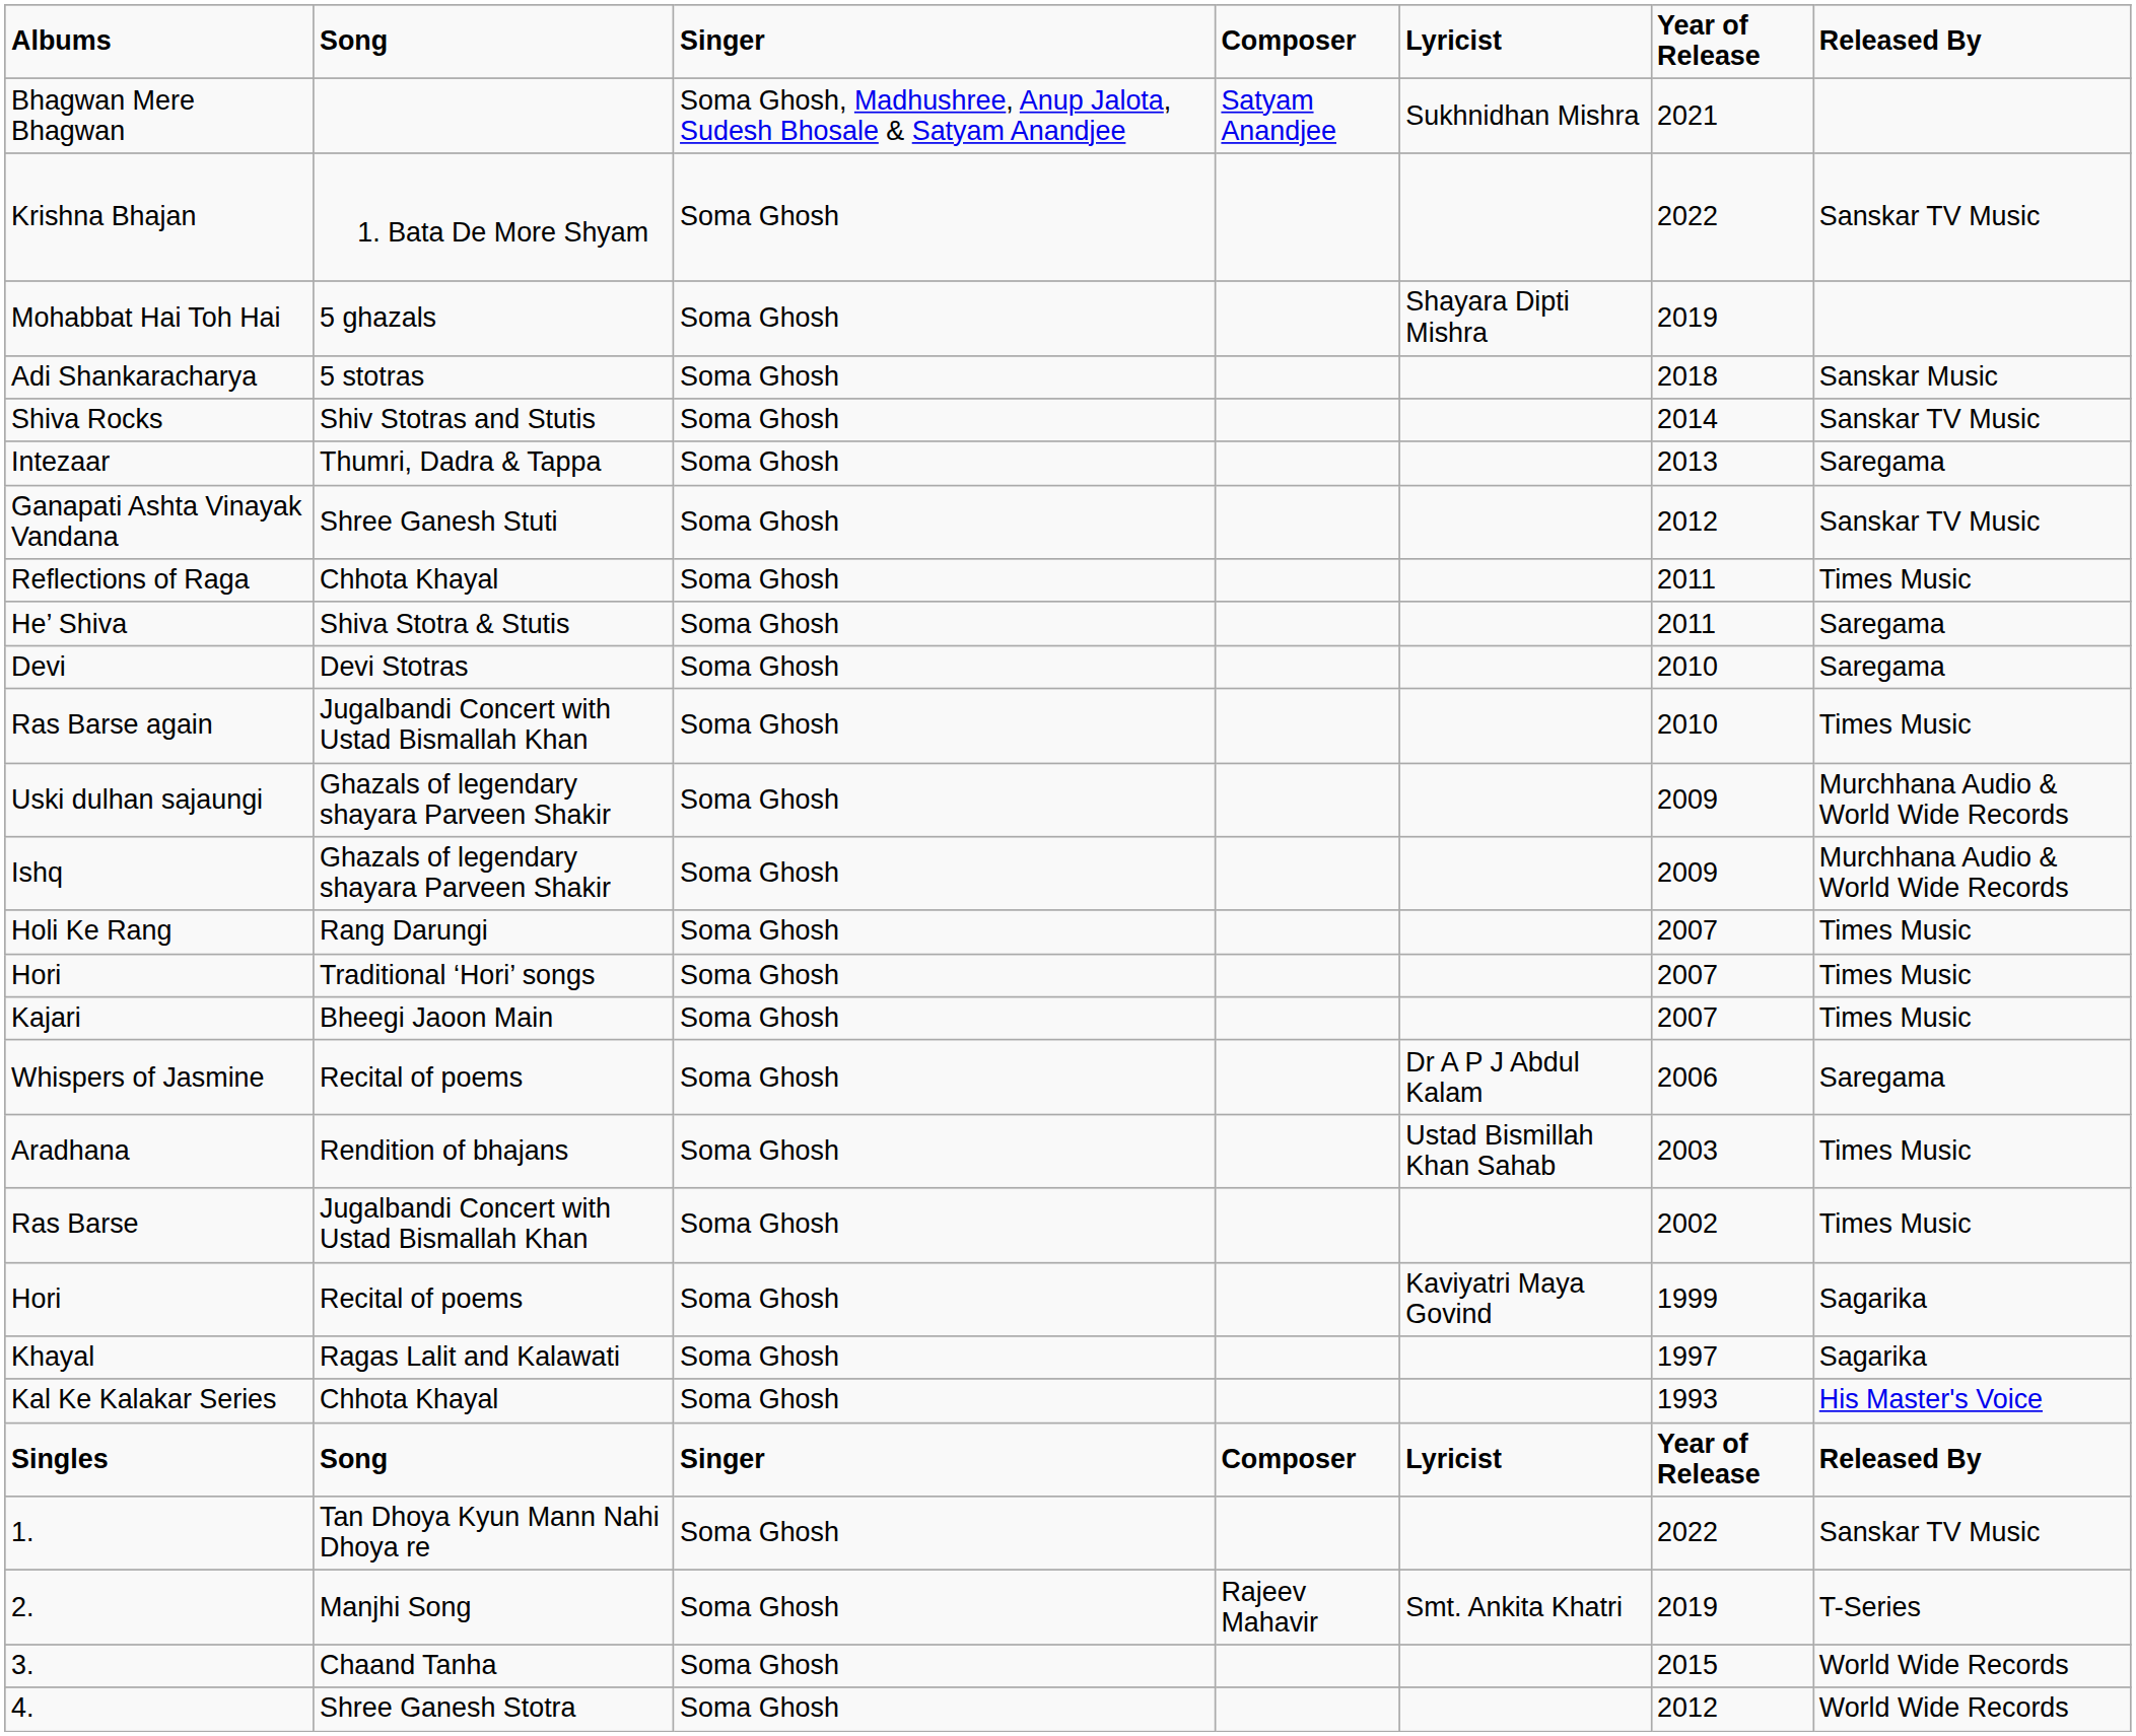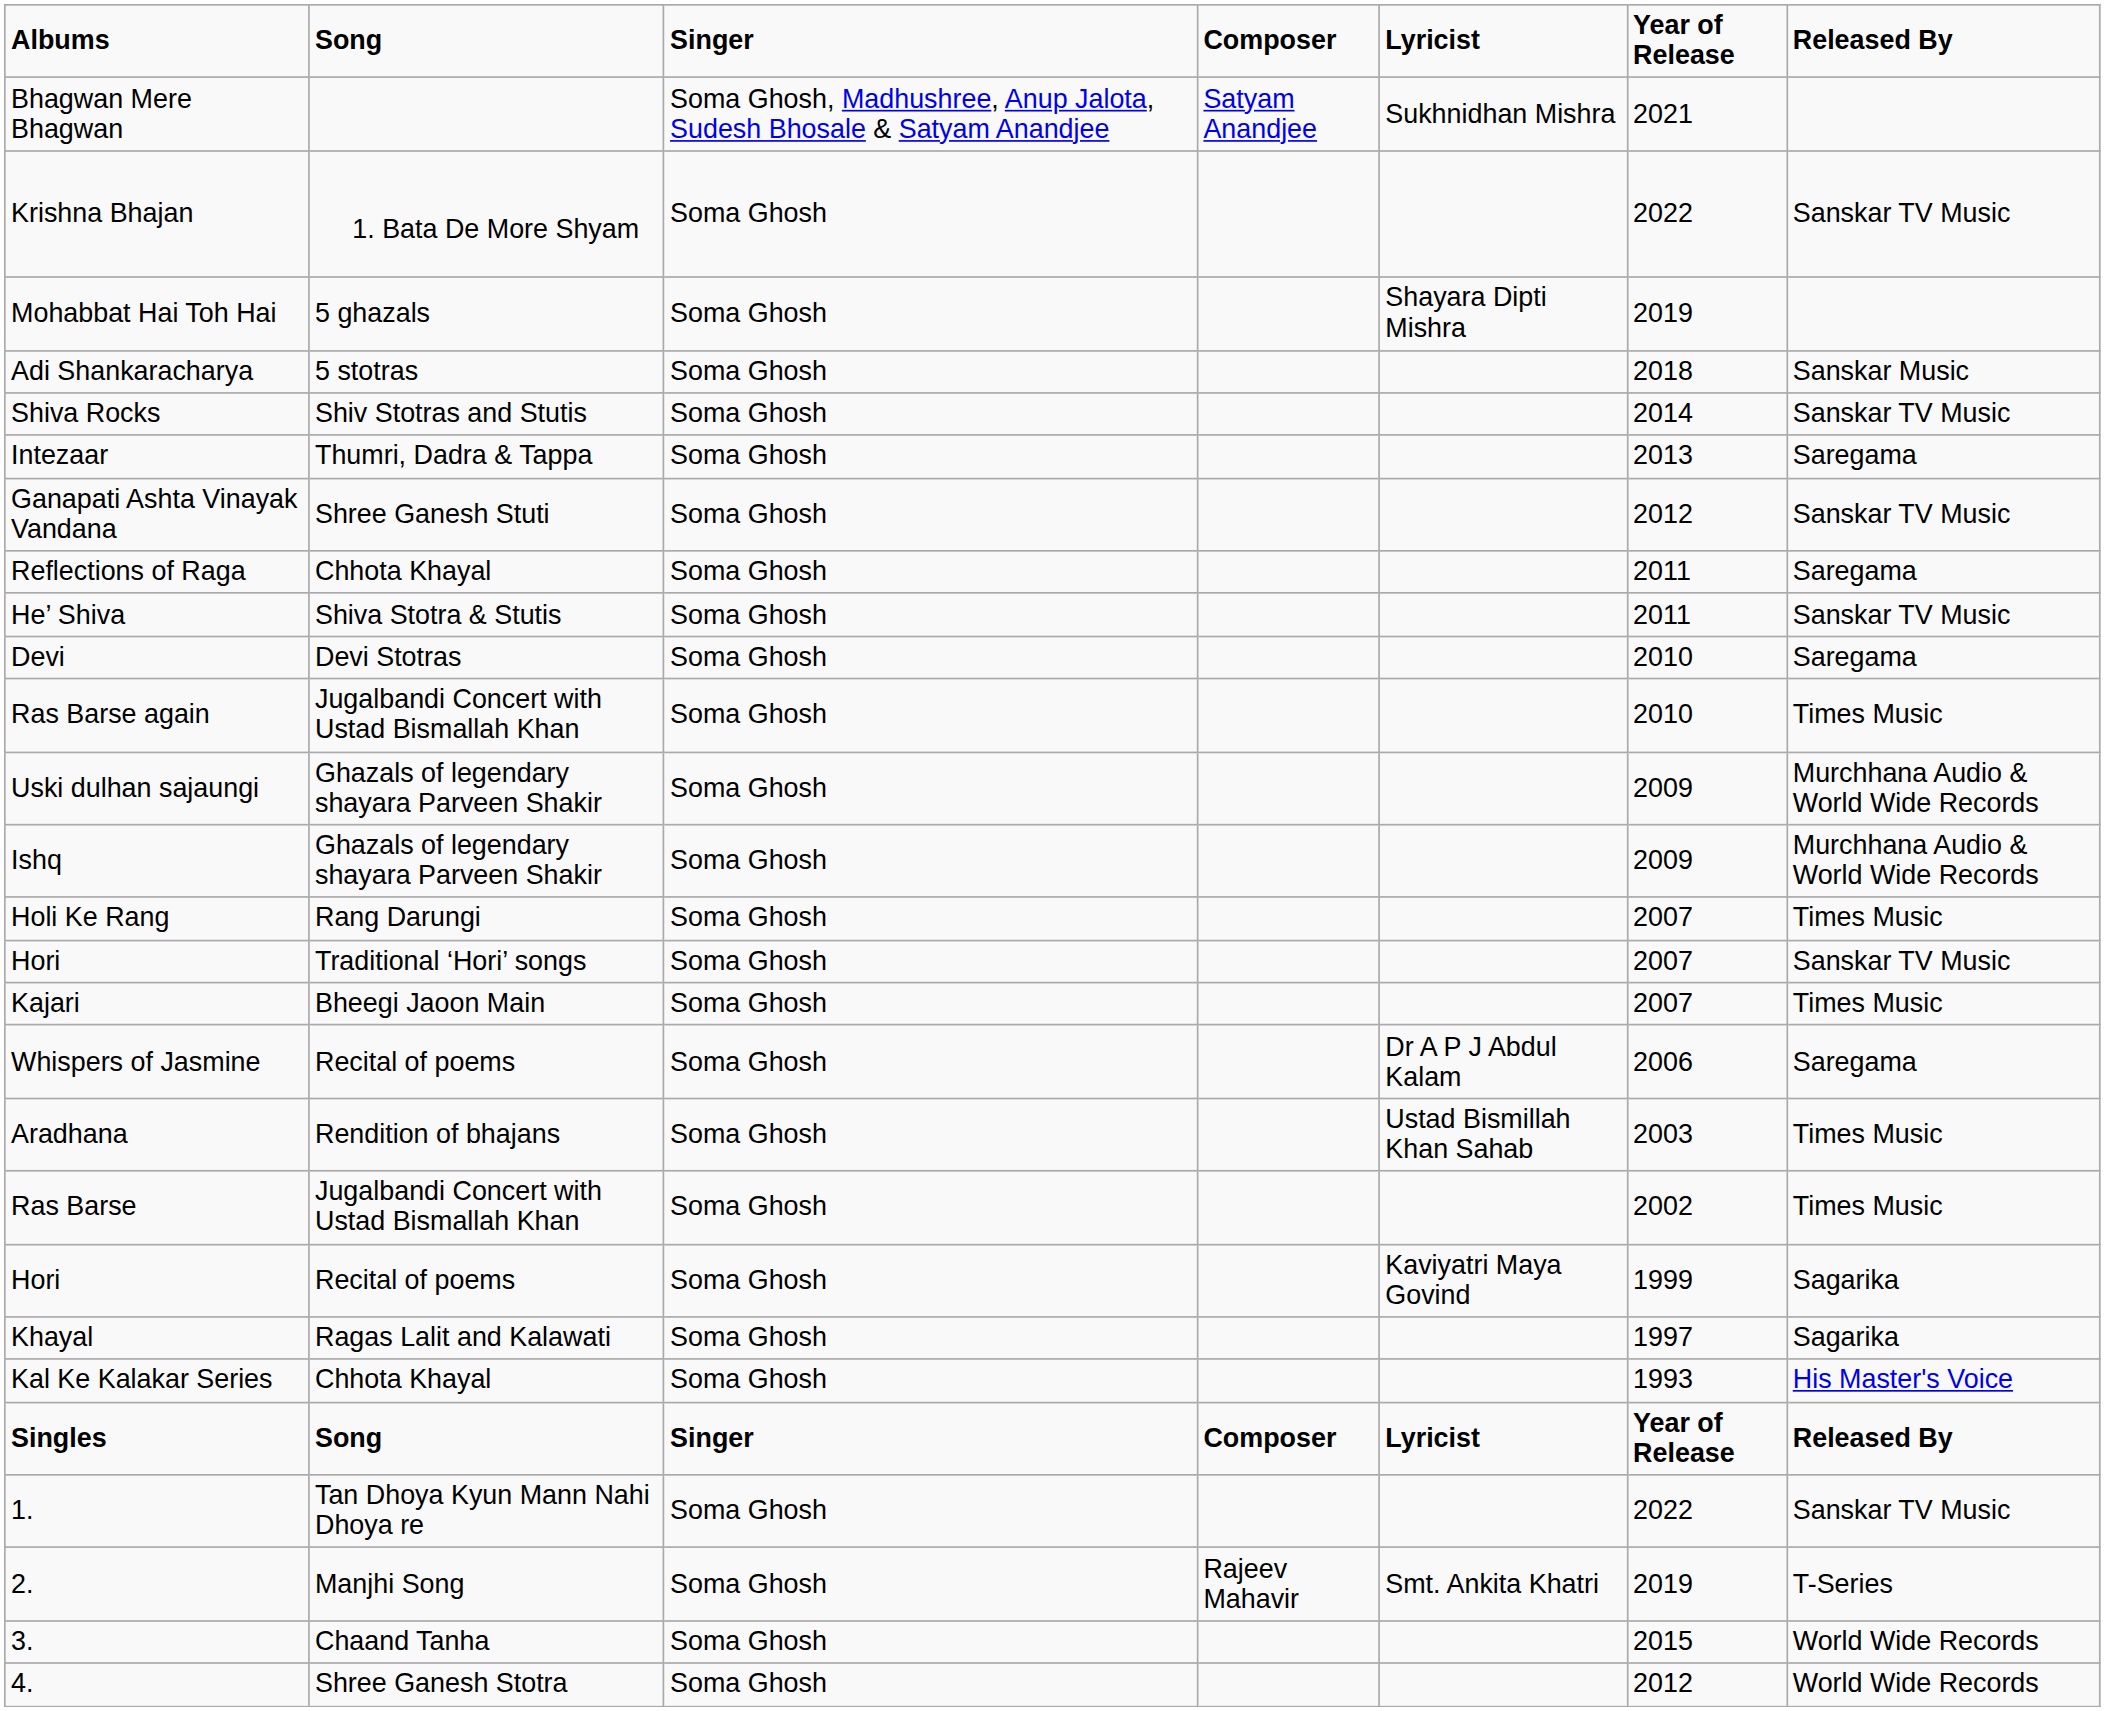 <table class="wikitable sortable">
 <tr>
 <td><strong>Albums</strong></td>
 <td><strong>Song</strong></td>
 <td><strong>Singer</strong></td>
 <td><strong>Composer</strong></td>
 <td><strong>Lyricist</strong></td>
 <td><strong>Year of Release</strong></td>
 <td><strong>Released By</strong></td>
 </tr>
 <tr>
 <td>Bhagwan Mere Bhagwan</td>
 <td></td>
 <td>Soma Ghosh, <a href='#'>Madhushree</a>, <a href='#'>Anup Jalota</a>, <a href='#'>Sudesh Bhosale</a> & <a href='#'>Satyam Anandjee</a></td>
 <td><a href='#'>Satyam Anandjee</a></td>
 <td>Sukhnidhan Mishra</td>
 <td>2021</td>
 <td></td>
 </tr>
 <tr>
 <td>Krishna Bhajan</td>
 <td><br><ol><li>Bata De More Shyam</li></ol></td>
 <td>Soma Ghosh</td>
 <td></td>
 <td></td>
 <td>2022</td>
 <td>Sanskar TV Music</td>
 </tr>
 <tr>
 <td>Mohabbat Hai Toh Hai</td>
 <td>5 ghazals</td>
 <td>Soma Ghosh</td>
 <td></td>
 <td>Shayara Dipti Mishra</td>
 <td>2019</td>
 <td></td>
 </tr>
 <tr>
 <td>Adi Shankaracharya</td>
 <td>5 stotras</td>
 <td>Soma Ghosh</td>
 <td></td>
 <td></td>
 <td>2018</td>
 <td>Sanskar Music</td>
 </tr>
 <tr>
 <td>Shiva Rocks</td>
 <td>Shiv Stotras and Stutis</td>
 <td>Soma Ghosh</td>
 <td></td>
 <td></td>
 <td>2014</td>
 <td>Sanskar TV Music</td>
 </tr>
 <tr>
 <td>Intezaar</td>
 <td>Thumri, Dadra & Tappa</td>
 <td>Soma Ghosh</td>
 <td></td>
 <td></td>
 <td>2013</td>
 <td>Saregama</td>
 </tr>
 <tr>
 <td>Ganapati Ashta Vinayak Vandana</td>
 <td>Shree Ganesh Stuti</td>
 <td>Soma Ghosh</td>
 <td></td>
 <td></td>
 <td>2012</td>
 <td>Sanskar TV Music</td>
 </tr>
 <tr>
 <td>Reflections of Raga</td>
 <td>Chhota Khayal</td>
 <td>Soma Ghosh</td>
 <td></td>
 <td></td>
 <td>2011</td>
-<td>Times Music</td>
+<td>Saregama</td>
 </tr>
 <tr>
 <td>He’ Shiva</td>
 <td>Shiva Stotra & Stutis</td>
 <td>Soma Ghosh</td>
 <td></td>
 <td></td>
 <td>2011</td>
-<td>Saregama</td>
+<td>Sanskar TV Music</td>
 </tr>
 <tr>
 <td>Devi</td>
 <td>Devi Stotras</td>
 <td>Soma Ghosh</td>
 <td></td>
 <td></td>
 <td>2010</td>
 <td>Saregama</td>
 </tr>
 <tr>
 <td>Ras Barse again</td>
 <td>Jugalbandi Concert with Ustad Bismallah Khan</td>
 <td>Soma Ghosh</td>
 <td></td>
 <td></td>
 <td>2010</td>
 <td>Times Music</td>
 </tr>
 <tr>
 <td>Uski dulhan sajaungi</td>
 <td>Ghazals of legendary shayara Parveen Shakir</td>
 <td>Soma Ghosh</td>
 <td></td>
 <td></td>
 <td>2009</td>
 <td>Murchhana Audio & World Wide Records</td>
 </tr>
 <tr>
 <td>Ishq</td>
 <td>Ghazals of legendary shayara Parveen Shakir</td>
 <td>Soma Ghosh</td>
 <td></td>
 <td></td>
 <td>2009</td>
 <td>Murchhana Audio & World Wide Records</td>
 </tr>
 <tr>
 <td>Holi Ke Rang</td>
 <td>Rang Darungi</td>
 <td>Soma Ghosh</td>
 <td></td>
 <td></td>
 <td>2007</td>
 <td>Times Music</td>
 </tr>
 <tr>
 <td>Hori</td>
 <td>Traditional ‘Hori’ songs</td>
 <td>Soma Ghosh</td>
 <td></td>
 <td></td>
 <td>2007</td>
-<td>Times Music</td>
+<td>Sanskar TV Music</td>
 </tr>
 <tr>
 <td>Kajari</td>
 <td>Bheegi Jaoon Main</td>
 <td>Soma Ghosh</td>
 <td></td>
 <td></td>
 <td>2007</td>
 <td>Times Music</td>
 </tr>
 <tr>
 <td>Whispers of Jasmine</td>
 <td>Recital of poems</td>
 <td>Soma Ghosh</td>
 <td></td>
 <td>Dr A P J Abdul Kalam</td>
 <td>2006</td>
 <td>Saregama</td>
 </tr>
 <tr>
 <td>Aradhana</td>
 <td>Rendition of bhajans</td>
 <td>Soma Ghosh</td>
 <td></td>
 <td>Ustad Bismillah Khan Sahab</td>
 <td>2003</td>
 <td>Times Music</td>
 </tr>
 <tr>
 <td>Ras Barse</td>
 <td>Jugalbandi Concert with Ustad Bismallah Khan</td>
 <td>Soma Ghosh</td>
 <td></td>
 <td></td>
 <td>2002</td>
 <td>Times Music</td>
 </tr>
 <tr>
 <td>Hori</td>
 <td>Recital of poems</td>
 <td>Soma Ghosh</td>
 <td></td>
 <td>Kaviyatri Maya Govind</td>
 <td>1999</td>
 <td>Sagarika</td>
 </tr>
 <tr>
 <td>Khayal</td>
 <td>Ragas Lalit and Kalawati</td>
 <td>Soma Ghosh</td>
 <td></td>
 <td></td>
 <td>1997</td>
 <td>Sagarika</td>
 </tr>
 <tr>
 <td>Kal Ke Kalakar Series</td>
 <td>Chhota Khayal</td>
 <td>Soma Ghosh</td>
 <td></td>
 <td></td>
 <td>1993</td>
 <td><a href='#'>His Master's Voice</a></td>
 </tr>
 <tr>
 <td><strong>Singles</strong></td>
 <td><strong>Song</strong></td>
 <td><strong>Singer</strong></td>
 <td><strong>Composer</strong></td>
 <td><strong>Lyricist</strong></td>
 <td><strong>Year of Release</strong></td>
 <td><strong>Released By</strong></td>
 </tr>
 <tr>
 <td>1.</td>
 <td>Tan Dhoya Kyun Mann Nahi Dhoya re</td>
 <td>Soma Ghosh</td>
 <td></td>
 <td></td>
 <td>2022</td>
 <td>Sanskar TV Music</td>
 </tr>
 <tr>
 <td>2.</td>
 <td>Manjhi Song</td>
 <td>Soma Ghosh</td>
 <td>Rajeev Mahavir</td>
 <td>Smt. Ankita Khatri</td>
 <td>2019</td>
 <td>T-Series</td>
 </tr>
 <tr>
 <td>3.</td>
 <td>Chaand Tanha</td>
 <td>Soma Ghosh</td>
 <td></td>
 <td></td>
 <td>2015</td>
 <td>World Wide Records</td>
 </tr>
 <tr>
 <td>4.</td>
 <td>Shree Ganesh Stotra</td>
 <td>Soma Ghosh</td>
 <td></td>
 <td></td>
 <td>2012</td>
 <td>World Wide Records</td>
 </tr>
 </table>
